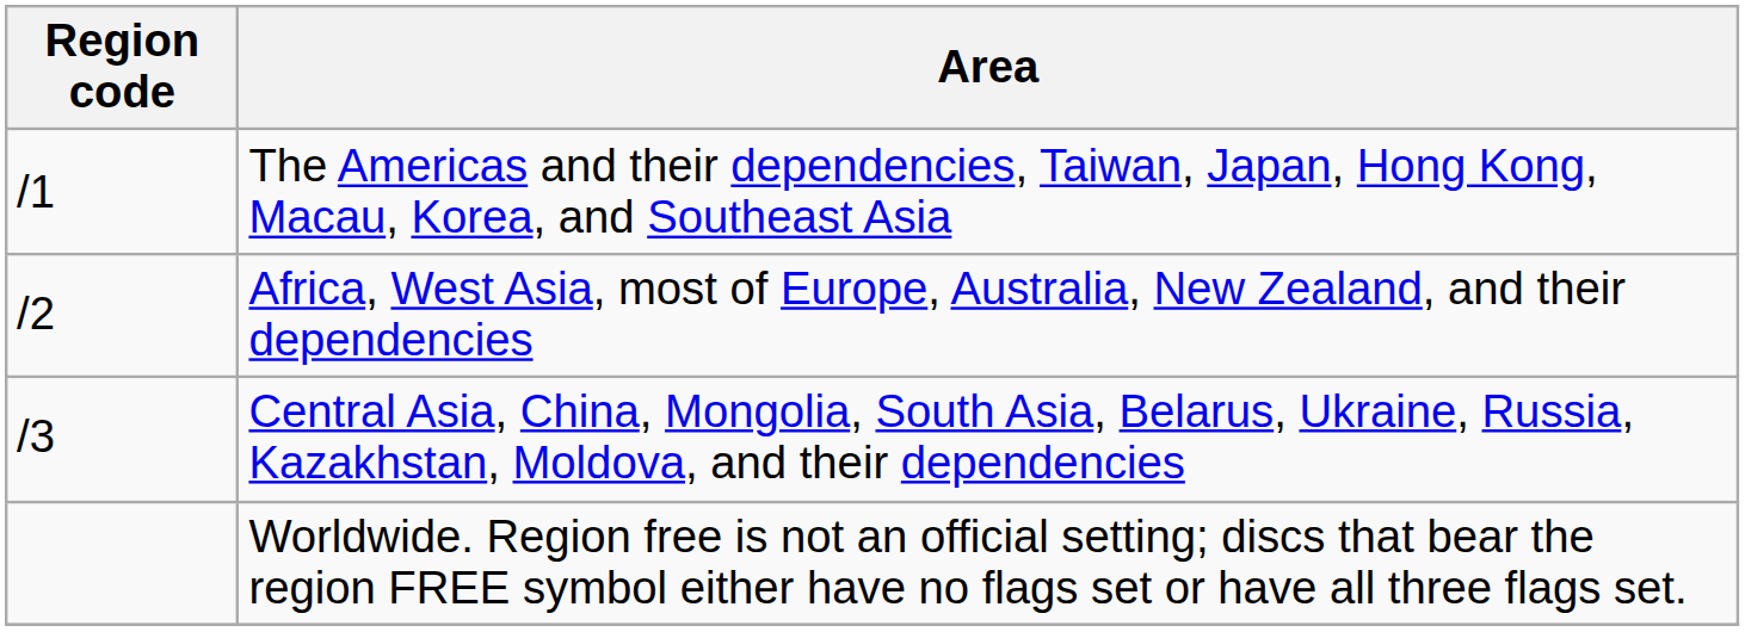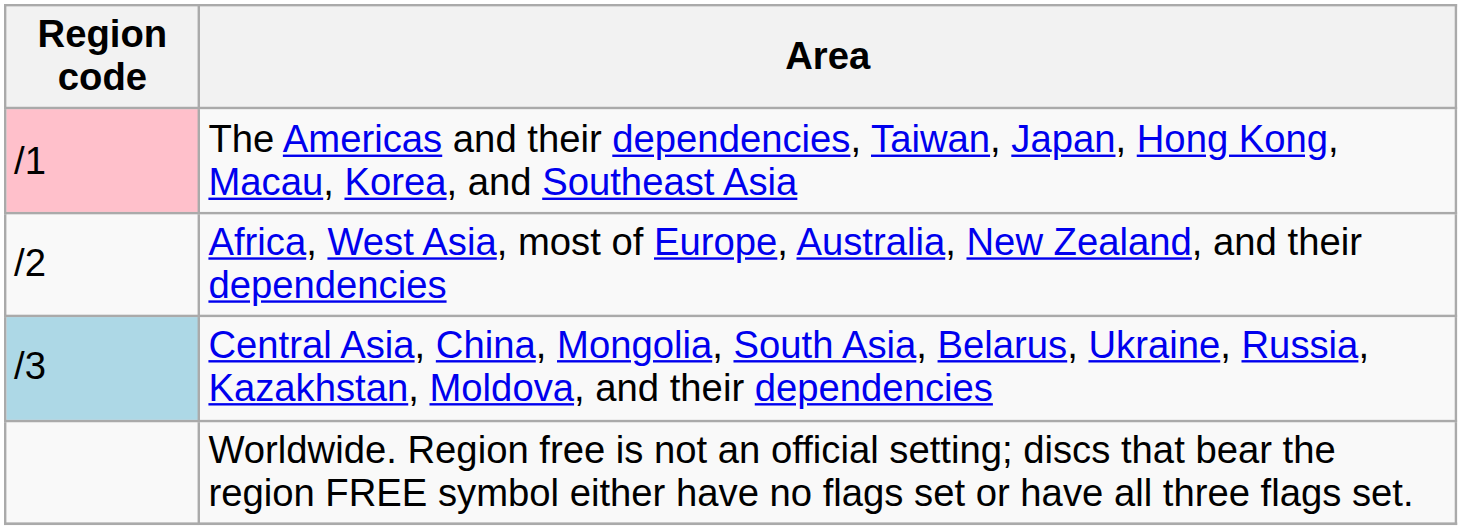 <table class="wikitable">
 <tr>
 <th>Region code</th>
 <th>Area</th>
 </tr>
 <tr>
-<td>/1</td>
+<td style="background: pink;">/1</td>
 <td>The <a href='#'>Americas</a> and their <a href='#'>dependencies</a>, <a href='#'>Taiwan</a>, <a href='#'>Japan</a>, <a href='#'>Hong Kong</a>, <a href='#'>Macau</a>, <a href='#'>Korea</a>, and <a href='#'>Southeast Asia</a></td>
 </tr>
 <tr>
 <td>/2</td>
 <td><a href='#'>Africa</a>, <a href='#'>West Asia</a>, most of <a href='#'>Europe</a>, <a href='#'>Australia</a>, <a href='#'>New Zealand</a>, and their <a href='#'>dependencies</a></td>
 </tr>
 <tr>
-<td>/3</td>
+<td style="background: lightblue;">/3</td>
 <td><a href='#'>Central Asia</a>, <a href='#'>China</a>, <a href='#'>Mongolia</a>, <a href='#'>South Asia</a>, <a href='#'>Belarus</a>, <a href='#'>Ukraine</a>, <a href='#'>Russia</a>, <a href='#'>Kazakhstan</a>, <a href='#'>Moldova</a>, and their <a href='#'>dependencies</a></td>
 </tr>
 <tr>
 <td> </td>
 <td>Worldwide. Region free is not an official setting; discs that bear the region FREE symbol either have no flags set or have all three flags set.</td>
 </tr>
 <tr>
 </tr>
 </table>
